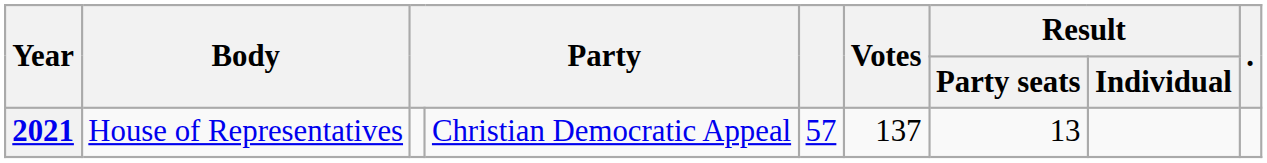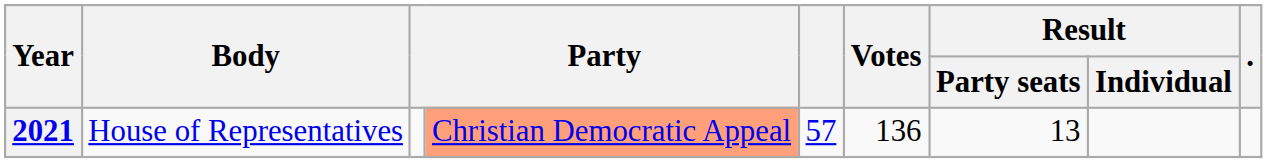 <table class="wikitable plainrowheaders sortable" border=2 cellpadding=4 cellspacing=0 style="border: 1px #aaa solid; font-size: 90%; text-align:center;">
 <tr>
 <th scope="col" rowspan=2>Year</th>
 <th scope="col" rowspan=2>Body</th>
 <th scope="col" colspan=2 rowspan=2>Party</th>
 <th scope="col" rowspan=2></th>
 <th scope="col" rowspan=2>Votes</th>
 <th scope="colgroup" colspan=2>Result</th>
 <th scope="col" rowspan=2 class="unsortable">.</th>
 </tr>
 <tr>
 <th scope="col">Party seats</th>
 <th scope="col">Individual</th>
 </tr>
 <tr>
 <th scope="row"><a href='#'>2021</a></th>
 <td><a href='#'>House of Representatives</a></td>
 <td style="background-color:"></td>
-<td><a href='#'>Christian Democratic Appeal</a></td>
+<td style="background: lightsalmon;"><a href='#'>Christian Democratic Appeal</a></td>
 <td style=text-align:right><a href='#'>57</a></td>
-<td style=text-align:right>137</td>
+<td style=text-align:right>136</td>
 <td style=text-align:right>13</td>
 <td></td>
 <td></td>
 </tr>
 </table>
